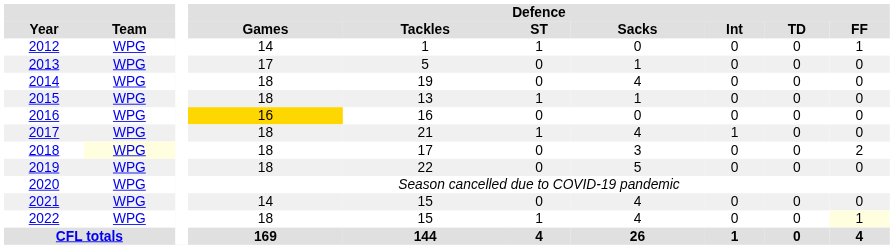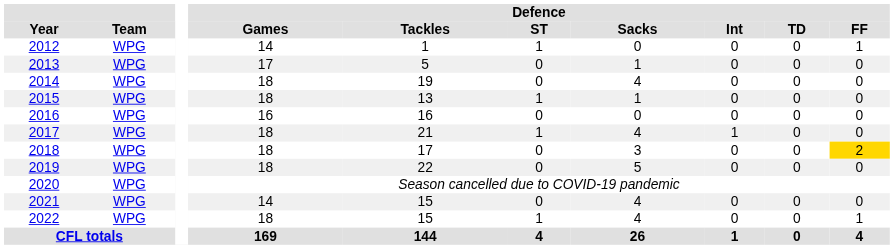 <table BORDER="0" CELLPADDING="1" CELLSPACING="0" width="65%" style="text-align:center">
 <tr bgcolor="#e0e0e0">
 <th colspan="2"></th>
 <th rowspan="102" bgcolor="#ffffff"> </th>
 <th colspan="7">Defence</th>
 </tr>
 <tr bgcolor="#e0e0e0">
 <th>Year</th>
 <th>Team</th>
 <th>Games</th>
 <th>Tackles</th>
 <th>ST</th>
 <th>Sacks</th>
 <th>Int</th>
 <th>TD</th>
 <th>FF</th>
 </tr>
 <tr>
 <td><a href='#'>2012</a></td>
 <td><a href='#'>WPG</a></td>
 <td>14</td>
 <td>1</td>
 <td>1</td>
 <td>0</td>
 <td>0</td>
 <td>0</td>
 <td>1</td>
 </tr>
 <tr ALIGN="center" bgcolor="#f0f0f0">
 <td><a href='#'>2013</a></td>
 <td><a href='#'>WPG</a></td>
 <td>17</td>
 <td>5</td>
 <td>0</td>
 <td>1</td>
 <td>0</td>
 <td>0</td>
 <td>0</td>
 </tr>
 <tr>
 <td><a href='#'>2014</a></td>
 <td><a href='#'>WPG</a></td>
 <td>18</td>
 <td>19</td>
 <td>0</td>
 <td>4</td>
 <td>0</td>
 <td>0</td>
 <td>0</td>
 </tr>
 <tr ALIGN="center" bgcolor="#f0f0f0">
 <td><a href='#'>2015</a></td>
 <td><a href='#'>WPG</a></td>
 <td>18</td>
 <td>13</td>
 <td>1</td>
 <td>1</td>
 <td>0</td>
 <td>0</td>
 <td>0</td>
 </tr>
 <tr>
 <td><a href='#'>2016</a></td>
 <td><a href='#'>WPG</a></td>
-<td style="background: gold;">16</td>
+<td>16</td>
 <td>16</td>
 <td>0</td>
 <td>0</td>
 <td>0</td>
 <td>0</td>
 <td>0</td>
 </tr>
 <tr ALIGN="center" bgcolor="#f0f0f0">
 <td><a href='#'>2017</a></td>
 <td><a href='#'>WPG</a></td>
 <td>18</td>
 <td>21</td>
 <td>1</td>
 <td>4</td>
 <td>1</td>
 <td>0</td>
 <td>0</td>
 </tr>
 <tr>
 <td><a href='#'>2018</a></td>
-<td style="background: lightyellow;"><a href='#'>WPG</a></td>
+<td><a href='#'>WPG</a></td>
 <td>18</td>
 <td>17</td>
 <td>0</td>
 <td>3</td>
 <td>0</td>
 <td>0</td>
-<td>2</td>
+<td style="background: gold;">2</td>
 </tr>
 <tr ALIGN="center" bgcolor="#f0f0f0">
 <td><a href='#'>2019</a></td>
 <td><a href='#'>WPG</a></td>
 <td>18</td>
 <td>22</td>
 <td>0</td>
 <td>5</td>
 <td>0</td>
 <td>0</td>
 <td>0</td>
 </tr>
 <tr>
 <td><a href='#'>2020</a></td>
 <td><a href='#'>WPG</a></td>
 <td colspan="7"><em>Season cancelled due to COVID-19 pandemic</em></td>
 </tr>
 <tr ALIGN="center" bgcolor="#f0f0f0">
 <td><a href='#'>2021</a></td>
 <td><a href='#'>WPG</a></td>
 <td>14</td>
 <td>15</td>
 <td>0</td>
 <td>4</td>
 <td>0</td>
 <td>0</td>
 <td>0</td>
 </tr>
 <tr>
 <td><a href='#'>2022</a></td>
 <td><a href='#'>WPG</a></td>
 <td>18</td>
 <td>15</td>
 <td>1</td>
 <td>4</td>
 <td>0</td>
 <td>0</td>
-<td style="background: lightyellow;">1</td>
+<td>1</td>
 </tr>
 <tr bgcolor="#e0e0e0">
 <th colspan="2"><a href='#'>CFL totals</a></th>
 <th>169</th>
 <th>144</th>
 <th>4</th>
 <th>26</th>
 <th>1</th>
 <th>0</th>
 <th>4</th>
 </tr>
 </table>
